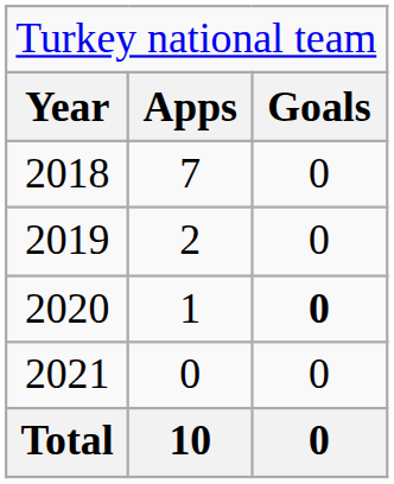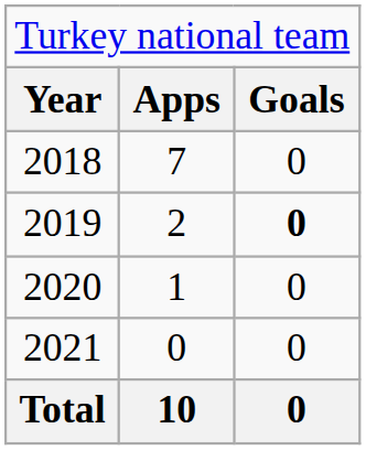 <table class="wikitable" style="text-align:center">
 <tr>
 <td colspan="3"><a href='#'>Turkey national team</a></td>
 </tr>
 <tr>
 <th>Year</th>
 <th>Apps</th>
 <th>Goals</th>
 </tr>
 <tr>
 <td>2018</td>
 <td>7</td>
 <td>0</td>
 </tr>
 <tr>
 <td>2019</td>
 <td>2</td>
-<td>0</td>
+<td><strong>0</strong></td>
 </tr>
 <tr>
 <td>2020</td>
 <td>1</td>
-<td><strong>0</strong></td>
+<td>0</td>
 </tr>
 <tr>
 <td>2021</td>
 <td>0</td>
 <td>0</td>
 </tr>
 <tr>
 <th>Total</th>
 <th>10</th>
 <th>0</th>
 </tr>
 </table>
